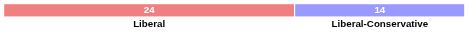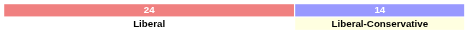 <table style="width:60%; text-align:center;">
 <tr style="color:white;">
 <td style="background:#F08080; width:63.16%;"><strong>24</strong></td>
 <td style="background:#9999FF; width:36.84%;"><strong>14</strong></td>
 </tr>
 <tr>
 <td><span><strong>Liberal</strong></span></td>
-<td><span><strong>Liberal-Conservative</strong></span></td>
+<td style="background: lightyellow;"><span><strong>Liberal-Conservative</strong></span></td>
 </tr>
 </table>
